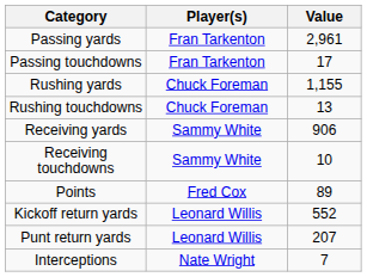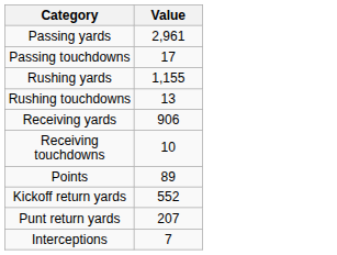 <table class="wikitable" style="text-align:center">
 <tr>
 <th width=150px>Category</th>
-<th width=150px>Player(s)</th>
 <th width=75px>Value</th>
 </tr>
 <tr>
 <td>Passing yards</td>
-<td><a href='#'>Fran Tarkenton</a></td>
 <td>2,961</td>
 </tr>
 <tr>
 <td>Passing touchdowns</td>
-<td><a href='#'>Fran Tarkenton</a></td>
 <td>17</td>
 </tr>
 <tr>
 <td>Rushing yards</td>
-<td><a href='#'>Chuck Foreman</a></td>
 <td>1,155</td>
 </tr>
 <tr>
 <td>Rushing touchdowns</td>
-<td><a href='#'>Chuck Foreman</a></td>
 <td>13</td>
 </tr>
 <tr>
 <td>Receiving yards</td>
-<td><a href='#'>Sammy White</a></td>
 <td>906</td>
 </tr>
 <tr>
 <td>Receiving touchdowns</td>
-<td><a href='#'>Sammy White</a></td>
 <td>10</td>
 </tr>
 <tr>
 <td>Points</td>
-<td><a href='#'>Fred Cox</a></td>
 <td>89</td>
 </tr>
 <tr>
 <td>Kickoff return yards</td>
-<td><a href='#'>Leonard Willis</a></td>
 <td>552</td>
 </tr>
 <tr>
 <td>Punt return yards</td>
-<td><a href='#'>Leonard Willis</a></td>
 <td>207</td>
 </tr>
 <tr>
 <td>Interceptions</td>
-<td><a href='#'>Nate Wright</a></td>
 <td>7</td>
 </tr>
 </table>
